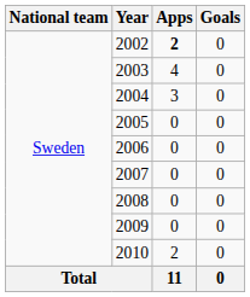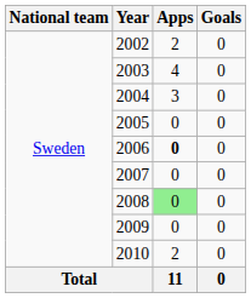 <table class="wikitable" style="text-align:center">
 <tr>
 <th>National team</th>
 <th>Year</th>
 <th>Apps</th>
 <th>Goals</th>
 </tr>
 <tr>
 <td rowspan="9"><a href='#'>Sweden</a></td>
 <td>2002</td>
-<td><strong>2</strong></td>
+<td>2</td>
 <td>0</td>
 </tr>
 <tr>
 <td>2003</td>
 <td>4</td>
 <td>0</td>
 </tr>
 <tr>
 <td>2004</td>
 <td>3</td>
 <td>0</td>
 </tr>
 <tr>
 <td>2005</td>
 <td>0</td>
 <td>0</td>
 </tr>
 <tr>
 <td>2006</td>
-<td>0</td>
+<td><strong>0</strong></td>
 <td>0</td>
 </tr>
 <tr>
 <td>2007</td>
 <td>0</td>
 <td>0</td>
 </tr>
 <tr>
 <td>2008</td>
-<td>0</td>
+<td style="background: lightgreen;">0</td>
 <td>0</td>
 </tr>
 <tr>
 <td>2009</td>
 <td>0</td>
 <td>0</td>
 </tr>
 <tr>
 <td>2010</td>
 <td>2</td>
 <td>0</td>
 </tr>
 <tr>
 <th colspan="2">Total</th>
 <th>11</th>
 <th>0</th>
 </tr>
 </table>
